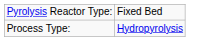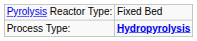 <table class="wikitable">
 <tr>
 <td><a href='#'>Pyrolysis</a> Reactor Type:</td>
 <td>Fixed Bed</td>
 </tr>
 <tr>
 <td>Process Type:</td>
-<td><a href='#'>Hydropyrolysis</a></td>
+<td><strong><a href='#'>Hydropyrolysis</a></strong></td>
 </tr>
 </table>
